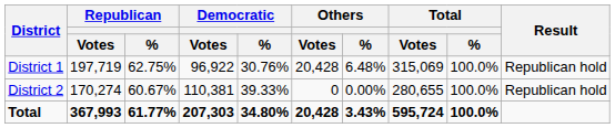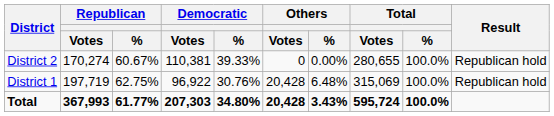 <table class="wikitable plainrowheaders sortable" style="font-size:100%; text-align:right;">
 <tr>
 <th scope=col rowspan=3><a href='#'>District</a></th>
 <th scope=col colspan=2><a href='#'>Republican</a></th>
 <th scope=col colspan=2><a href='#'>Democratic</a></th>
 <th scope=col colspan=2>Others</th>
 <th scope=col colspan=2>Total</th>
 <th scope=col rowspan=3>Result</th>
 </tr>
 <tr>
 <th scope=col colspan=2 style="background:"></th>
 <th scope=col colspan=2 style="background:"></th>
 <th scope=col colspan=2></th>
 <th scope=col colspan=2></th>
 </tr>
 <tr>
 <th scope=col data-sort-type="number">Votes</th>
 <th scope=col data-sort-type="number">%</th>
 <th scope=col data-sort-type="number">Votes</th>
 <th scope=col data-sort-type="number">%</th>
 <th scope=col data-sort-type="number">Votes</th>
 <th scope=col data-sort-type="number">%</th>
 <th scope=col data-sort-type="number">Votes</th>
 <th scope=col data-sort-type="number">%</th>
 </tr>
 <tr>
+<td align=left><a href='#'>District 2</a></td>
+<td>170,274</td>
+<td>60.67%</td>
+<td>110,381</td>
+<td>39.33%</td>
+<td>0</td>
+<td>0.00%</td>
+<td>280,655</td>
+<td>100.0%</td>
+<td align=left>Republican hold</td>
+</tr>
+<tr>
 <td align=left><a href='#'>District 1</a></td>
 <td>197,719</td>
 <td>62.75%</td>
 <td>96,922</td>
 <td>30.76%</td>
 <td>20,428</td>
 <td>6.48%</td>
 <td>315,069</td>
-<td>100.0%</td>
-<td align=left>Republican hold</td>
-</tr>
-<tr>
-<td align=left><a href='#'>District 2</a></td>
-<td>170,274</td>
-<td>60.67%</td>
-<td>110,381</td>
-<td>39.33%</td>
-<td>0</td>
-<td>0.00%</td>
-<td>280,655</td>
 <td>100.0%</td>
 <td align=left>Republican hold</td>
 </tr>
 <tr class="sortbottom" style="font-weight:bold">
 <td align=left>Total</td>
 <td>367,993</td>
 <td>61.77%</td>
 <td>207,303</td>
 <td>34.80%</td>
 <td>20,428</td>
 <td>3.43%</td>
 <td>595,724</td>
 <td>100.0%</td>
 <td></td>
 </tr>
 </table>
